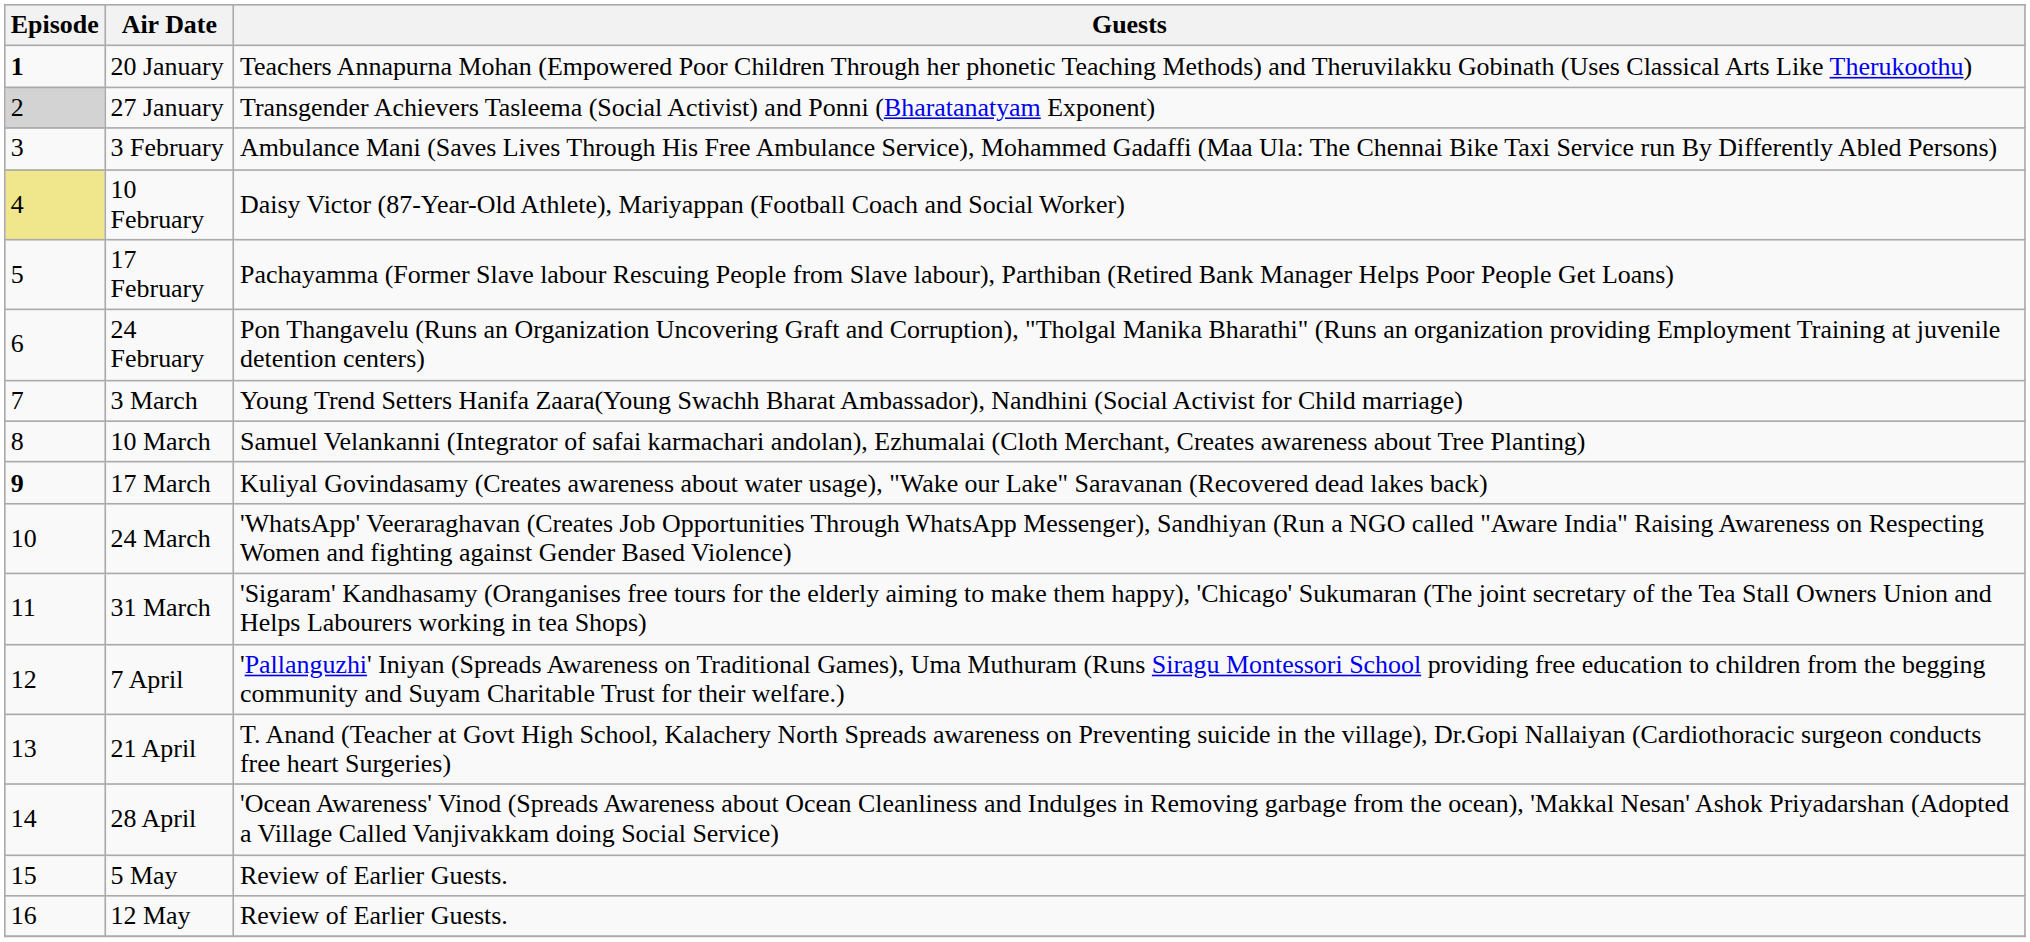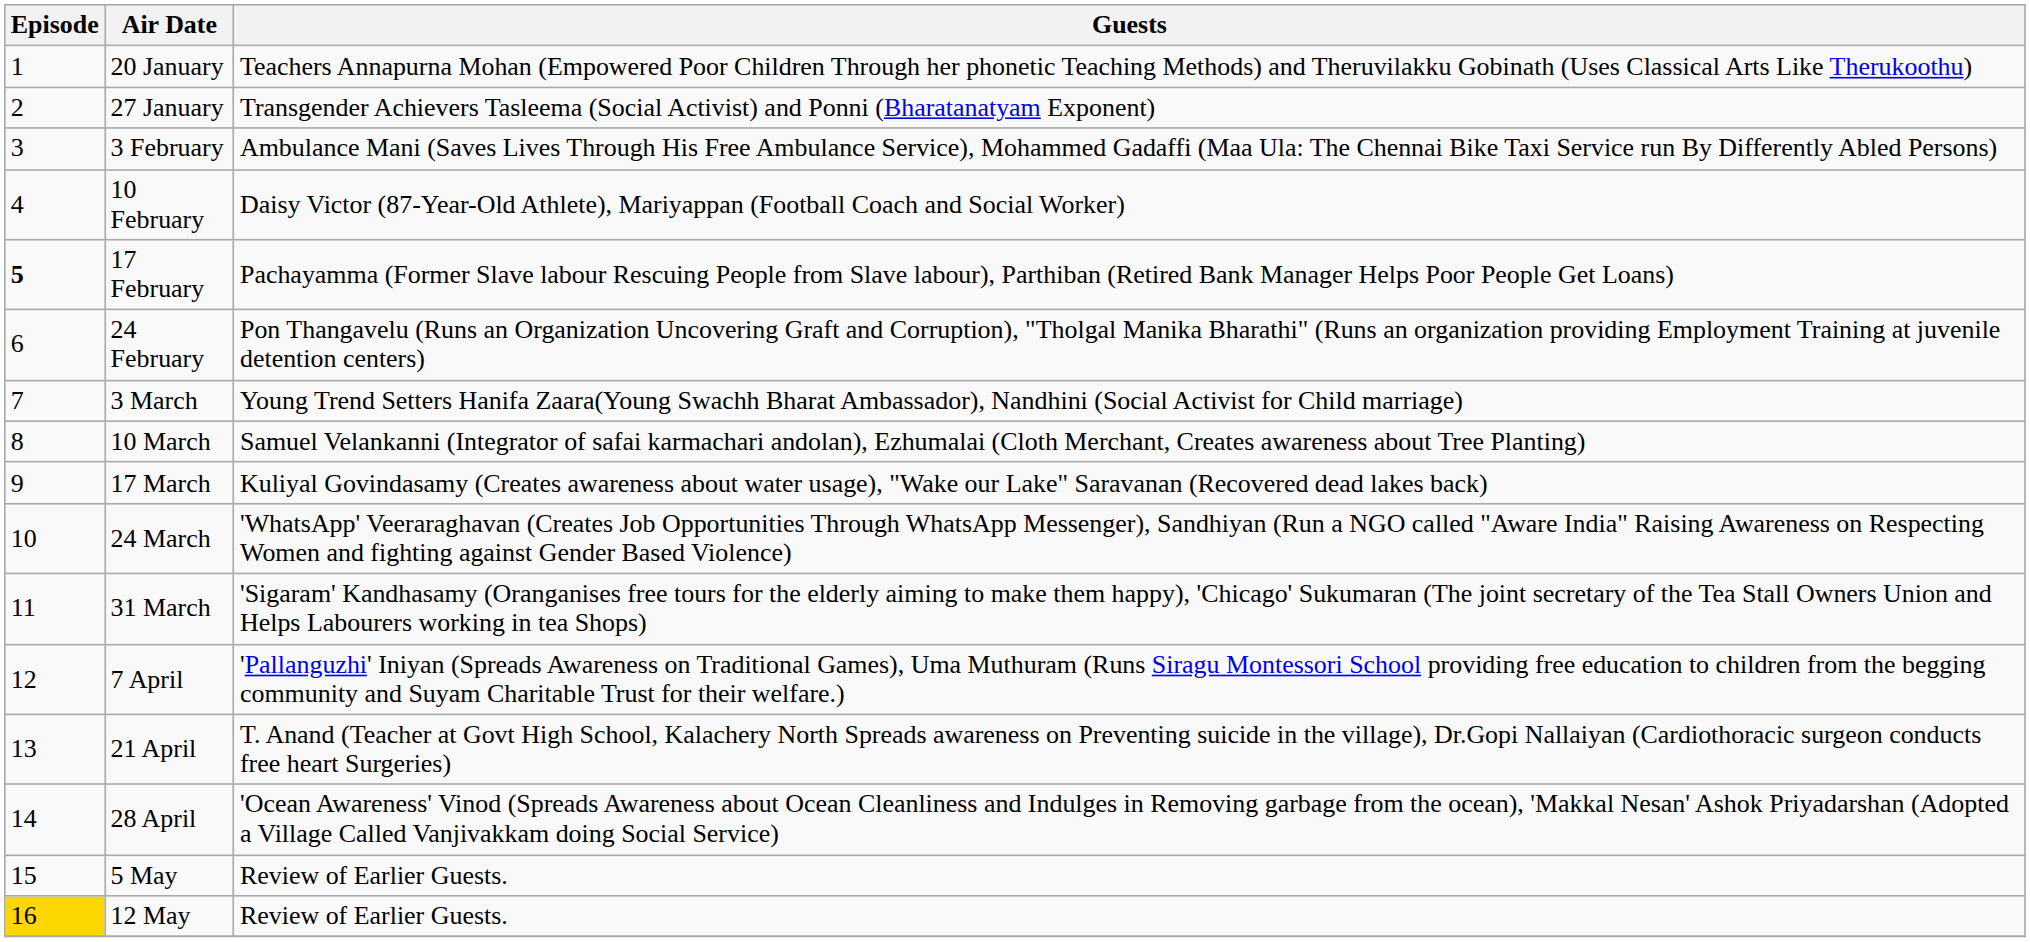 <table class="wikitable">
 <tr>
 <th>Episode</th>
 <th>Air Date</th>
 <th>Guests</th>
 </tr>
 <tr>
-<td><strong>1</strong></td>
+<td>1</td>
 <td>20 January</td>
 <td>Teachers Annapurna Mohan (Empowered Poor Children Through her phonetic Teaching Methods) and  Theruvilakku Gobinath (Uses Classical Arts Like <a href='#'>Therukoothu</a>)</td>
 </tr>
 <tr>
-<td style="background: lightgrey;">2</td>
+<td>2</td>
 <td>27 January</td>
 <td>Transgender Achievers Tasleema (Social Activist) and Ponni (<a href='#'>Bharatanatyam</a> Exponent)</td>
 </tr>
 <tr>
 <td>3</td>
 <td>3 February</td>
 <td>Ambulance Mani (Saves Lives Through His Free Ambulance Service), Mohammed Gadaffi (Maa Ula: The Chennai Bike Taxi Service run By Differently Abled Persons)</td>
 </tr>
 <tr>
-<td style="background: khaki;">4</td>
+<td>4</td>
 <td>10 February</td>
 <td>Daisy Victor (87-Year-Old Athlete), Mariyappan (Football Coach and Social Worker)</td>
 </tr>
 <tr>
-<td>5</td>
+<td><strong>5</strong></td>
 <td>17 February</td>
 <td>Pachayamma (Former Slave labour Rescuing People from Slave labour), Parthiban (Retired Bank Manager Helps Poor People Get Loans)</td>
 </tr>
 <tr>
 <td>6</td>
 <td>24 February</td>
 <td>Pon Thangavelu (Runs an Organization Uncovering Graft and Corruption), "Tholgal Manika Bharathi" (Runs an organization providing Employment Training at juvenile detention centers)</td>
 </tr>
 <tr>
 <td>7</td>
 <td>3 March</td>
 <td>Young Trend Setters Hanifa Zaara(Young Swachh Bharat Ambassador), Nandhini (Social Activist for Child marriage)</td>
 </tr>
 <tr>
 <td>8</td>
 <td>10 March</td>
 <td>Samuel Velankanni (Integrator of safai karmachari andolan), Ezhumalai (Cloth Merchant, Creates awareness about Tree Planting)</td>
 </tr>
 <tr>
-<td><strong>9</strong></td>
+<td>9</td>
 <td>17 March</td>
 <td>Kuliyal Govindasamy (Creates awareness about water usage), "Wake our Lake" Saravanan (Recovered dead lakes back)</td>
 </tr>
 <tr>
 <td>10</td>
 <td>24 March</td>
 <td>'WhatsApp' Veeraraghavan (Creates Job Opportunities Through WhatsApp Messenger), Sandhiyan (Run a NGO called "Aware India" Raising Awareness on Respecting Women and fighting against Gender Based Violence)</td>
 </tr>
 <tr>
 <td>11</td>
 <td>31 March</td>
 <td>'Sigaram' Kandhasamy (Oranganises free tours for the elderly aiming to make them happy), 'Chicago' Sukumaran (The joint secretary of the Tea Stall Owners Union and Helps Labourers working in  tea Shops)</td>
 </tr>
 <tr>
 <td>12</td>
 <td>7 April</td>
 <td>'<a href='#'>Pallanguzhi</a>' Iniyan (Spreads Awareness on Traditional Games), Uma Muthuram (Runs <a href='#'>Siragu Montessori School</a> providing free education to children from the begging community and Suyam Charitable Trust for their welfare.)</td>
 </tr>
 <tr>
 <td>13</td>
 <td>21 April</td>
 <td>T. Anand (Teacher at Govt High School, Kalachery North Spreads awareness on Preventing suicide in the village), Dr.Gopi Nallaiyan (Cardiothoracic surgeon conducts free heart Surgeries)</td>
 </tr>
 <tr>
 <td>14</td>
 <td>28 April</td>
 <td>'Ocean Awareness' Vinod (Spreads Awareness about Ocean Cleanliness and Indulges in Removing garbage from the ocean), 'Makkal Nesan' Ashok Priyadarshan (Adopted a Village Called Vanjivakkam doing Social Service)</td>
 </tr>
 <tr>
 <td>15</td>
 <td>5 May</td>
 <td>Review of Earlier Guests.</td>
 </tr>
 <tr>
-<td>16</td>
+<td style="background: gold;">16</td>
 <td>12 May</td>
 <td>Review of Earlier Guests.</td>
 </tr>
 <tr>
 </tr>
 </table>
